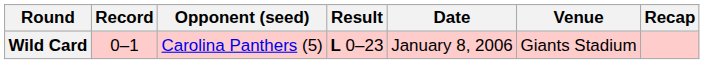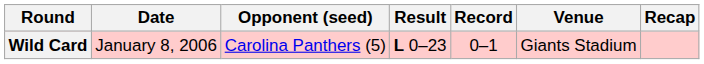 <table class="wikitable" style="text-align:center">
 <tr>
 <th>Round</th>
-<th>Record</th>
+<th>Date</th>
 <th>Opponent (seed)</th>
 <th>Result</th>
-<th>Date</th>
+<th>Record</th>
 <th>Venue</th>
 <th>Recap</th>
 </tr>
 <tr style="background: #fcc;">
 <th>Wild Card</th>
-<td>0–1</td>
+<td>January 8, 2006</td>
 <td><a href='#'>Carolina Panthers</a> (5)</td>
 <td><strong>L</strong> 0–23</td>
-<td>January 8, 2006</td>
+<td>0–1</td>
 <td>Giants Stadium</td>
 <td></td>
 </tr>
 </table>
